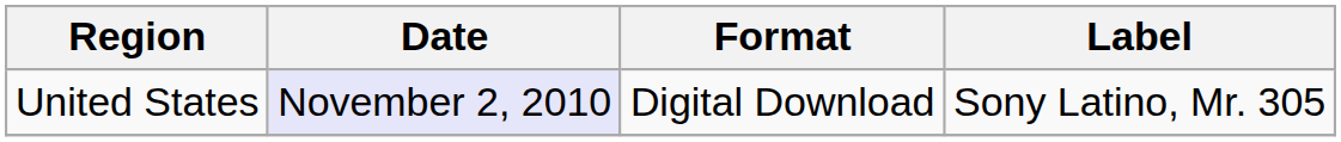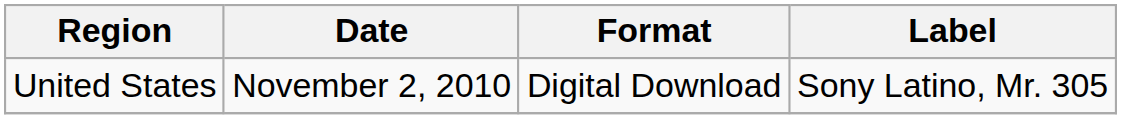 <table class=wikitable>
 <tr>
 <th>Region</th>
 <th>Date</th>
 <th>Format</th>
 <th>Label</th>
 </tr>
 <tr>
 <td>United States</td>
-<td style="background: lavender;">November 2, 2010</td>
+<td>November 2, 2010</td>
 <td>Digital Download</td>
 <td>Sony Latino, Mr. 305</td>
 </tr>
 <tr>
 </tr>
 </table>
